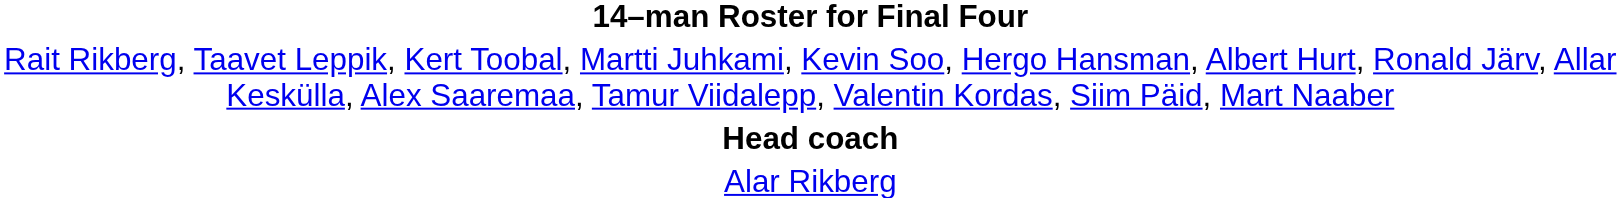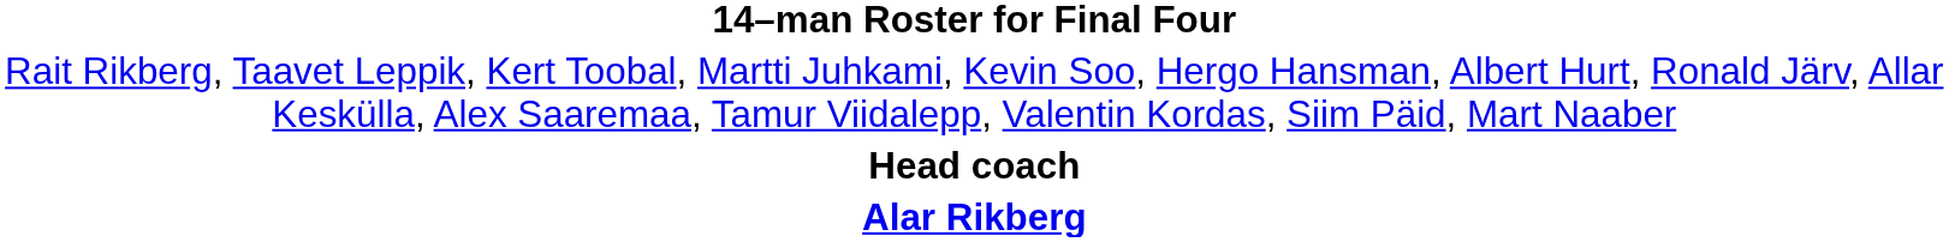 <table style="text-align: center; margin-top: 2em; margin-left: auto; margin-right: auto">
 <tr>
 <td><strong>14–man Roster for Final Four</strong></td>
 </tr>
 <tr>
 <td><a href='#'>Rait Rikberg</a>, <a href='#'>Taavet Leppik</a>, <a href='#'>Kert Toobal</a>, <a href='#'>Martti Juhkami</a>, <a href='#'>Kevin Soo</a>, <a href='#'>Hergo Hansman</a>, <a href='#'>Albert Hurt</a>, <a href='#'>Ronald Järv</a>, <a href='#'>Allar Keskülla</a>, <a href='#'>Alex Saaremaa</a>, <a href='#'>Tamur Viidalepp</a>, <a href='#'>Valentin Kordas</a>, <a href='#'>Siim Päid</a>, <a href='#'>Mart Naaber</a></td>
 </tr>
 <tr>
 <td><strong>Head coach</strong></td>
 </tr>
 <tr>
-<td><a href='#'>Alar Rikberg</a></td>
+<td><strong><a href='#'>Alar Rikberg</a></strong></td>
 </tr>
 </table>
